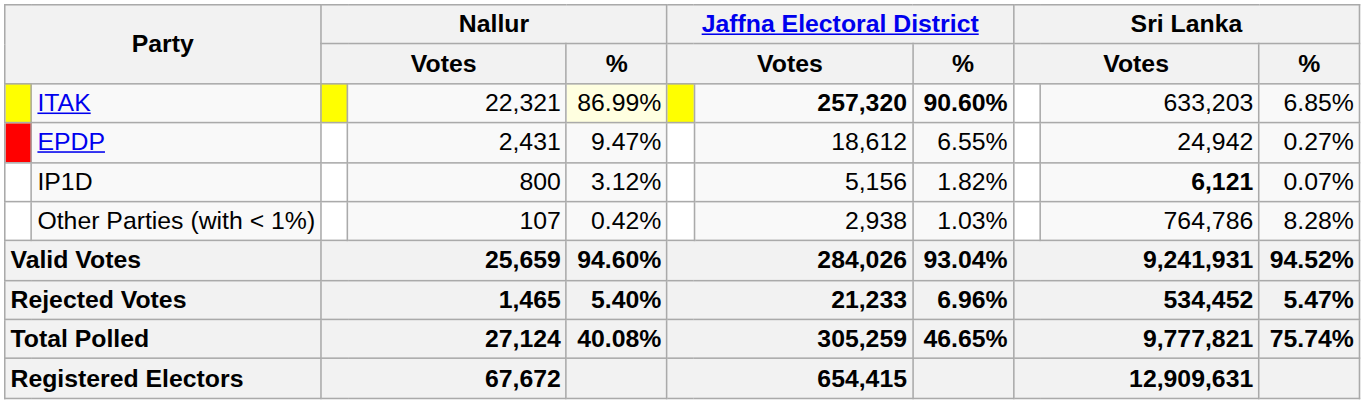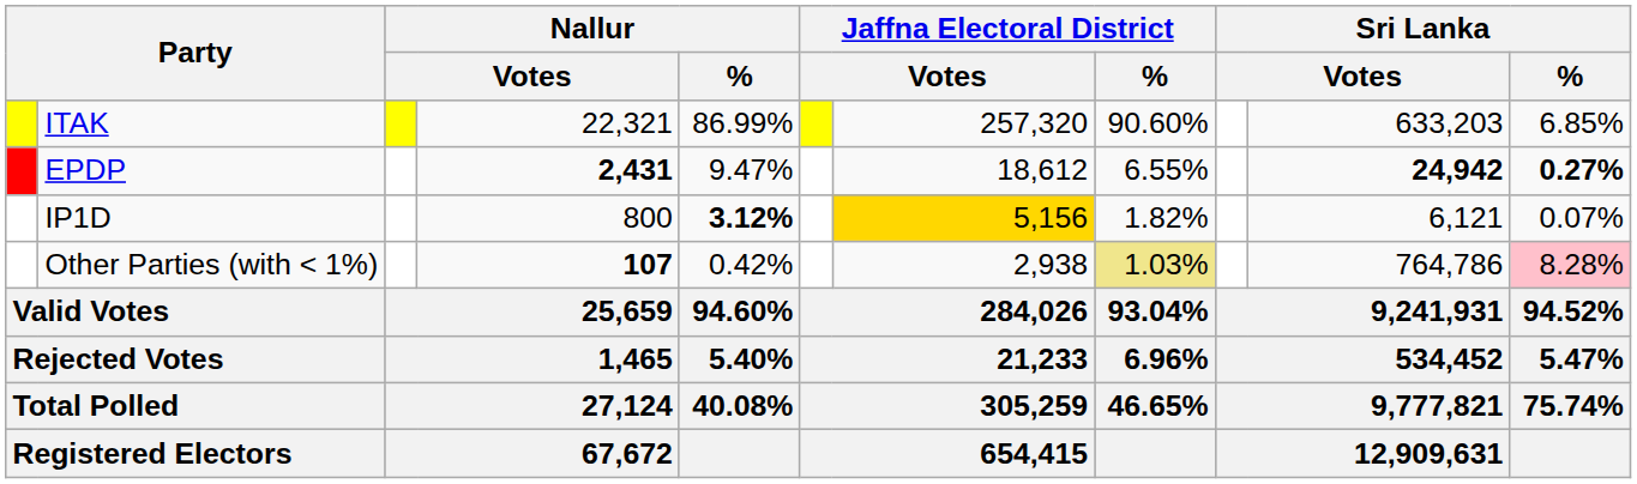 <table class="wikitable">
 <tr>
 <th colspan="2" width="144px"rowspan="2">Party</th>
 <th colspan="3" width="216px">Nallur</th>
 <th colspan="3" width="216px"><a href='#'>Jaffna Electoral District</a></th>
 <th colspan="3" width="216px">Sri Lanka</th>
 </tr>
 <tr>
 <th colspan="2" width="144px">Votes</th>
 <th>%</th>
 <th colspan="2" width="144px">Votes</th>
 <th>%</th>
 <th colspan="2" width="144px">Votes</th>
 <th>%</th>
 </tr>
 <tr>
 <td style="background-color:yellow;" width="10px"></td>
 <td style="text-align:left;"><a href='#'>ITAK</a></td>
 <td style="background-color:yellow;" width="10px"></td>
 <td style="text-align:right;">22,321</td>
-<td style="background: lightyellow; text-align:right;">86.99%</td>
+<td style="text-align:right;">86.99%</td>
 <td style="background-color:yellow;" width="10px"></td>
-<td style="text-align:right;"><strong>257,320</strong></td>
-<td style="text-align:right;"><strong>90.60%</strong></td>
+<td style="text-align:right;">257,320</td>
+<td style="text-align:right;">90.60%</td>
 <td style="background-color:white;" width="10px"></td>
 <td style="text-align:right;">633,203</td>
 <td style="text-align:right;">6.85%</td>
 </tr>
 <tr>
 <td style="background-color:red;" width="10px"></td>
 <td style="text-align:left;"><a href='#'>EPDP</a></td>
 <td style="background-color:white;" width="10px"></td>
-<td style="text-align:right;">2,431</td>
+<td style="text-align:right;"><strong>2,431</strong></td>
 <td style="text-align:right;">9.47%</td>
 <td style="background-color:white;" width="10px"></td>
 <td style="text-align:right;">18,612</td>
 <td style="text-align:right;">6.55%</td>
 <td style="background-color:white;" width="10px"></td>
-<td style="text-align:right;">24,942</td>
-<td style="text-align:right;">0.27%</td>
+<td style="text-align:right;"><strong>24,942</strong></td>
+<td style="text-align:right;"><strong>0.27%</strong></td>
 </tr>
 <tr>
 <td style="background-color:white;" width="10px"></td>
 <td style="text-align:left;">IP1D</td>
 <td style="background-color:white;" width="10px"></td>
 <td style="text-align:right;">800</td>
-<td style="text-align:right;">3.12%</td>
+<td style="text-align:right;"><strong>3.12%</strong></td>
 <td style="background-color:white;" width="10px"></td>
-<td style="text-align:right;">5,156</td>
+<td style="background: gold; text-align:right;">5,156</td>
 <td style="text-align:right;">1.82%</td>
 <td style="background-color:white;" width="10px"></td>
-<td style="text-align:right;"><strong>6,121</strong></td>
+<td style="text-align:right;">6,121</td>
 <td style="text-align:right;">0.07%</td>
 </tr>
 <tr>
 <td style="background-color:white;" width="10px"></td>
 <td style="text-align:left;">Other Parties (with < 1%)</td>
 <td style="background-color:white;" width="10px"></td>
-<td style="text-align:right;">107</td>
+<td style="text-align:right;"><strong>107</strong></td>
 <td style="text-align:right;">0.42%</td>
 <td style="background-color:white;" width="10px"></td>
 <td style="text-align:right;">2,938</td>
-<td style="text-align:right;">1.03%</td>
+<td style="background: khaki; text-align:right;">1.03%</td>
 <td style="background-color:white;" width="10px"></td>
 <td style="text-align:right;">764,786</td>
-<td style="text-align:right;">8.28%</td>
+<td style="background: pink; text-align:right;">8.28%</td>
 </tr>
 <tr>
 <th colspan="2" width="144px"style="text-align:left;">Valid Votes</th>
 <th style="text-align:right;"colspan="2" width="144px">25,659</th>
 <th style="text-align:right;">94.60%</th>
 <th style="text-align:right;"colspan="2" width="144px">284,026</th>
 <th style="text-align:right;">93.04%</th>
 <th style="text-align:right;"colspan="2" width="144px">9,241,931</th>
 <th style="text-align:right;">94.52%</th>
 </tr>
 <tr>
 <th colspan="2" width="144px"style="text-align:left;">Rejected Votes</th>
 <th style="text-align:right;"colspan="2" width="144px">1,465</th>
 <th style="text-align:right;">5.40%</th>
 <th style="text-align:right;"colspan="2" width="144px">21,233</th>
 <th style="text-align:right;">6.96%</th>
 <th style="text-align:right;"colspan="2" width="144px">534,452</th>
 <th style="text-align:right;">5.47%</th>
 </tr>
 <tr>
 <th colspan="2" width="144px"style="text-align:left;">Total Polled</th>
 <th style="text-align:right;"colspan="2" width="144px">27,124</th>
 <th style="text-align:right;">40.08%</th>
 <th style="text-align:right;"colspan="2" width="144px">305,259</th>
 <th style="text-align:right;">46.65%</th>
 <th style="text-align:right;"colspan="2" width="144px">9,777,821</th>
 <th style="text-align:right;">75.74%</th>
 </tr>
 <tr>
 <th colspan="2" width="144px"style="text-align:left;">Registered Electors</th>
 <th style="text-align:right;"colspan="2" width="144px">67,672</th>
 <th></th>
 <th style="text-align:right;"colspan="2" width="144px">654,415</th>
 <th></th>
 <th style="text-align:right;"colspan="2" width="144px">12,909,631</th>
 <th></th>
 </tr>
 </table>
